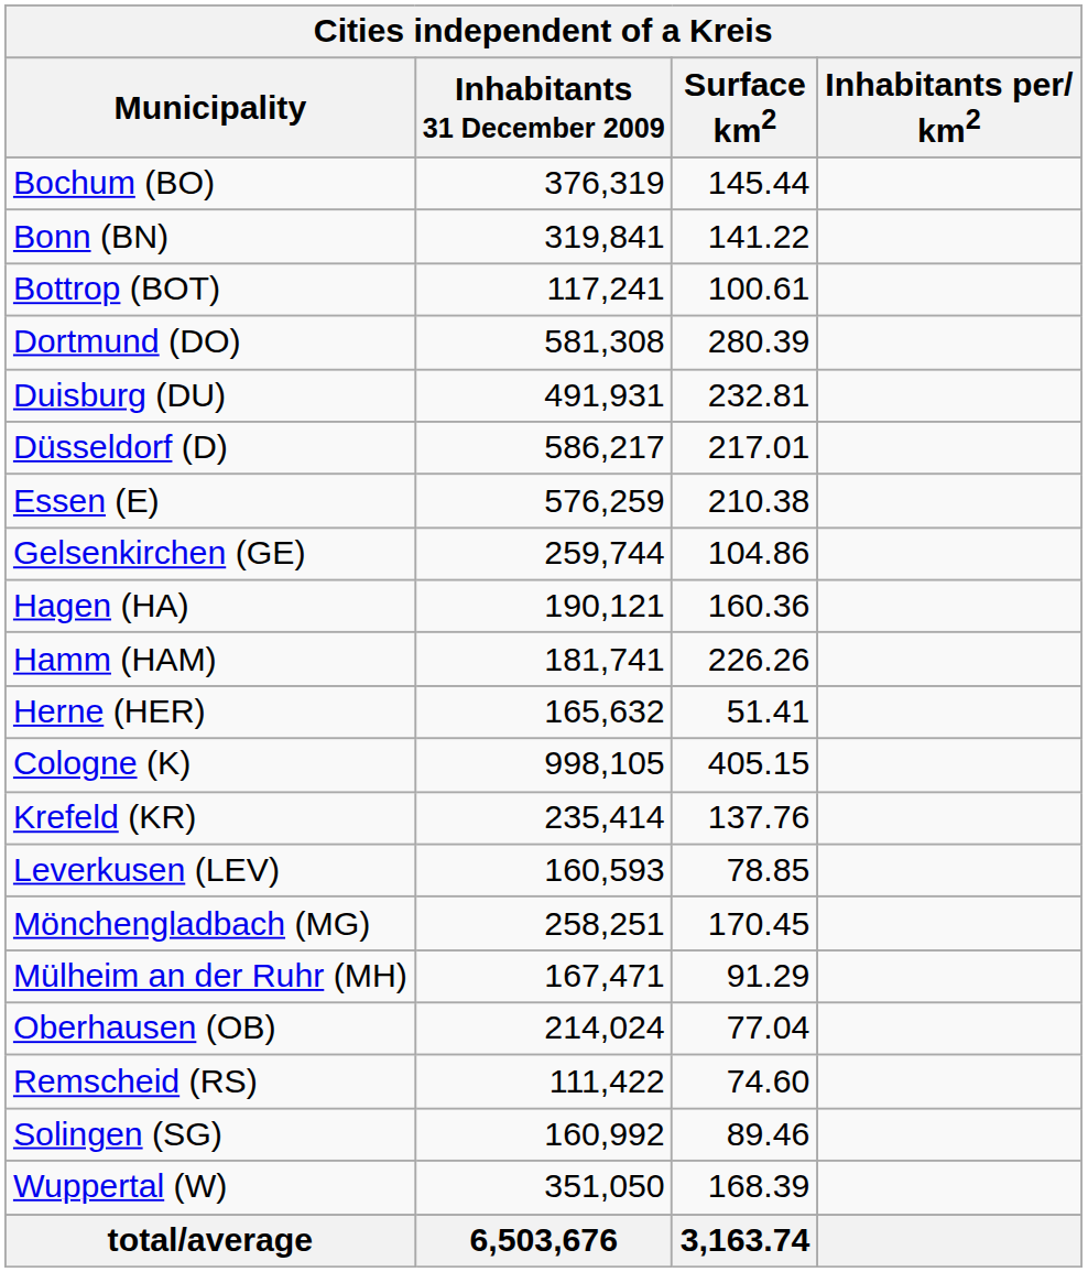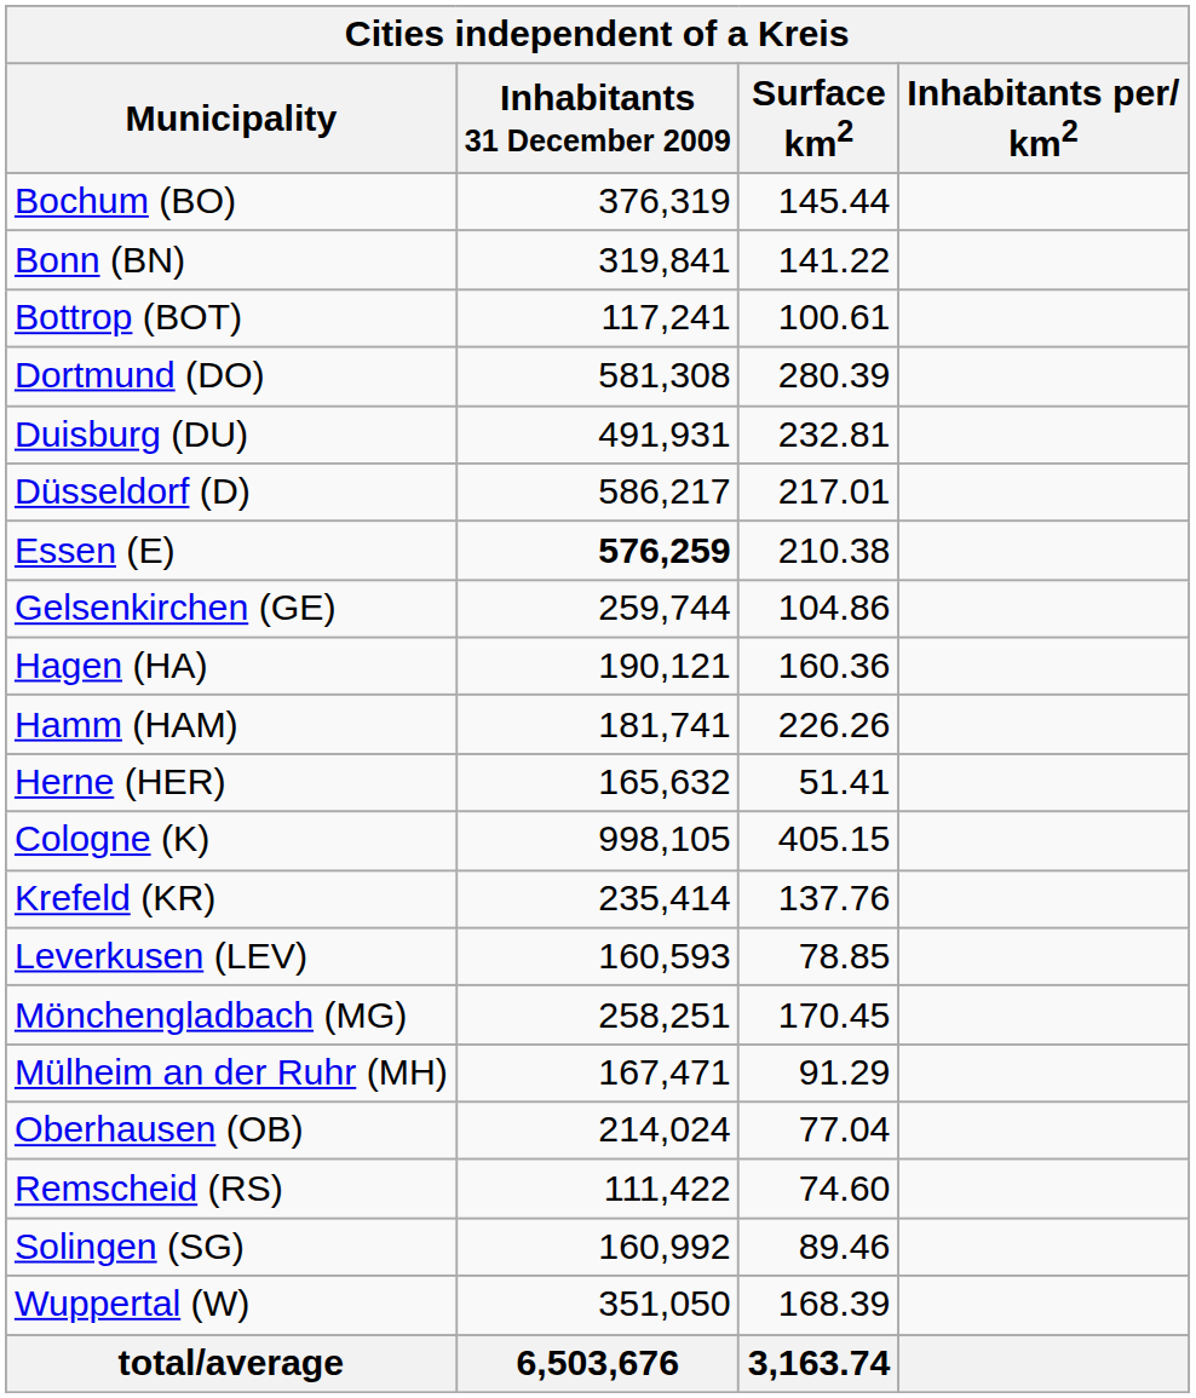 <table class="wikitable sortable">
 <tr>
 <th colspan="4">Cities independent of a Kreis</th>
 </tr>
 <tr bgcolor="#DDDDDD">
 <th>Municipality</th>
 <th data-sort-type="number">Inhabitants<br><small>31 December 2009</small></th>
 <th data-sort-type="number">Surface<br>km<sup>2</sup></th>
 <th data-sort-type="number">Inhabitants per/<br>km<sup>2</sup></th>
 </tr>
 <tr>
 <td><a href='#'>Bochum</a> (BO)</td>
 <td align="right">376,319</td>
 <td align="right">145.44</td>
 <td align="right"></td>
 </tr>
 <tr>
 <td><a href='#'>Bonn</a> (BN)</td>
 <td align="right">319,841</td>
 <td align="right">141.22</td>
 <td align="right"></td>
 </tr>
 <tr>
 <td><a href='#'>Bottrop</a> (BOT)</td>
 <td align="right">117,241</td>
 <td align="right">100.61</td>
 <td align="right"></td>
 </tr>
 <tr>
 <td><a href='#'>Dortmund</a> (DO)</td>
 <td align="right">581,308</td>
 <td align="right">280.39</td>
 <td align="right"></td>
 </tr>
 <tr>
 <td><a href='#'>Duisburg</a> (DU)</td>
 <td align="right">491,931</td>
 <td align="right">232.81</td>
 <td align="right"></td>
 </tr>
 <tr>
 <td><a href='#'>Düsseldorf</a> (D)</td>
 <td align="right">586,217</td>
 <td align="right">217.01</td>
 <td align="right"></td>
 </tr>
 <tr>
 <td><a href='#'>Essen</a> (E)</td>
-<td align="right">576,259</td>
+<td align="right"><strong>576,259</strong></td>
 <td align="right">210.38</td>
 <td align="right"></td>
 </tr>
 <tr>
 <td><a href='#'>Gelsenkirchen</a> (GE)</td>
 <td align="right">259,744</td>
 <td align="right">104.86</td>
 <td align="right"></td>
 </tr>
 <tr>
 <td><a href='#'>Hagen</a> (HA)</td>
 <td align="right">190,121</td>
 <td align="right">160.36</td>
 <td align="right"></td>
 </tr>
 <tr>
 <td><a href='#'>Hamm</a> (HAM)</td>
 <td align="right">181,741</td>
 <td align="right">226.26</td>
 <td align="right"></td>
 </tr>
 <tr>
 <td><a href='#'>Herne</a> (HER)</td>
 <td align="right">165,632</td>
 <td align="right">51.41</td>
 <td align="right"></td>
 </tr>
 <tr>
 <td><a href='#'>Cologne</a> (K)</td>
 <td align="right">998,105</td>
 <td align="right">405.15</td>
 <td align="right"></td>
 </tr>
 <tr>
 <td><a href='#'>Krefeld</a> (KR)</td>
 <td align="right">235,414</td>
 <td align="right">137.76</td>
 <td align="right"></td>
 </tr>
 <tr>
 <td><a href='#'>Leverkusen</a> (LEV)</td>
 <td align="right">160,593</td>
 <td align="right">78.85</td>
 <td align="right"></td>
 </tr>
 <tr>
 <td><a href='#'>Mönchengladbach</a> (MG)</td>
 <td align="right">258,251</td>
 <td align="right">170.45</td>
 <td align="right"></td>
 </tr>
 <tr>
 <td><a href='#'>Mülheim an der Ruhr</a> (MH)</td>
 <td align="right">167,471</td>
 <td align="right">91.29</td>
 <td align="right"></td>
 </tr>
 <tr>
 <td><a href='#'>Oberhausen</a> (OB)</td>
 <td align="right">214,024</td>
 <td align="right">77.04</td>
 <td align="right"></td>
 </tr>
 <tr>
 <td><a href='#'>Remscheid</a> (RS)</td>
 <td align="right">111,422</td>
 <td align="right">74.60</td>
 <td align="right"></td>
 </tr>
 <tr>
 <td><a href='#'>Solingen</a> (SG)</td>
 <td align="right">160,992</td>
 <td align="right">89.46</td>
 <td align="right"></td>
 </tr>
 <tr>
 <td><a href='#'>Wuppertal</a> (W)</td>
 <td align="right">351,050</td>
 <td align="right">168.39</td>
 <td align="right"></td>
 </tr>
 <tr bgcolor="#DDDDDD">
 <th>total/average</th>
 <th align="right">6,503,676</th>
 <th align="right">3,163.74</th>
 <th align="right"></th>
 </tr>
 </table>
